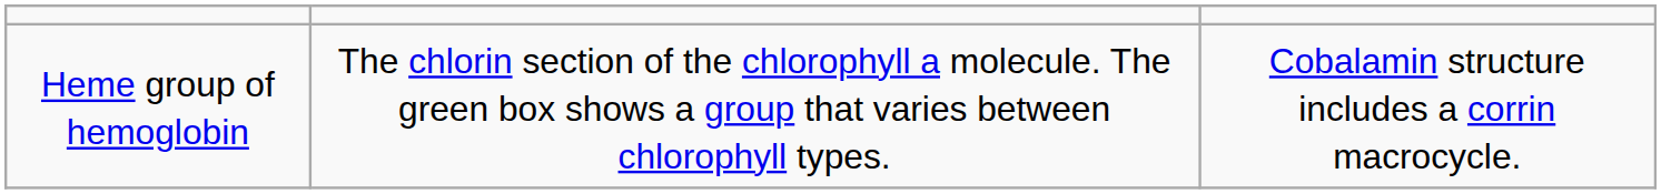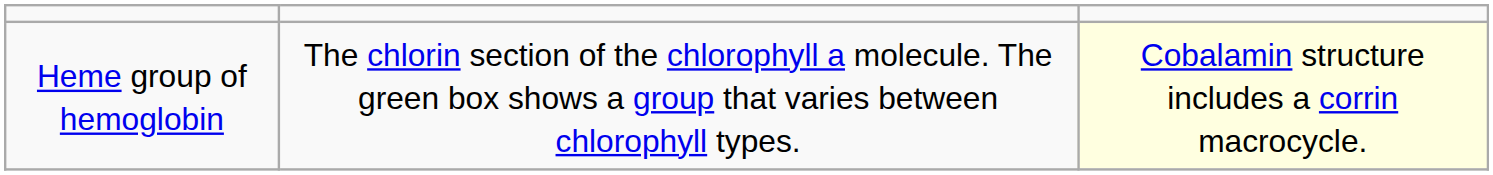 <table class="wikitable" style="margin: 1em auto 1em auto; text-align: center;">
 <tr>
 <td></td>
 <td></td>
 <td></td>
 </tr>
 <tr>
 <td><small><a href='#'>Heme</a> group of <a href='#'>hemoglobin</a></small></td>
 <td><small>The <a href='#'>chlorin</a> section of the <a href='#'>chlorophyll a</a> molecule. The green box shows a <a href='#'>group</a> that varies between <a href='#'>chlorophyll</a> types.</small></td>
-<td><small><a href='#'>Cobalamin</a> structure includes a <a href='#'>corrin</a> macrocycle.</small></td>
+<td style="background: lightyellow;"><small><a href='#'>Cobalamin</a> structure includes a <a href='#'>corrin</a> macrocycle.</small></td>
 </tr>
 </table>
